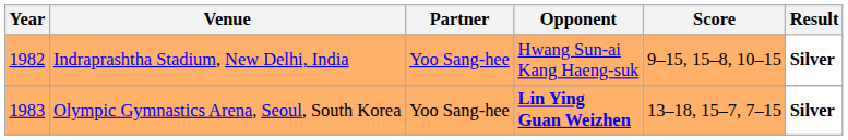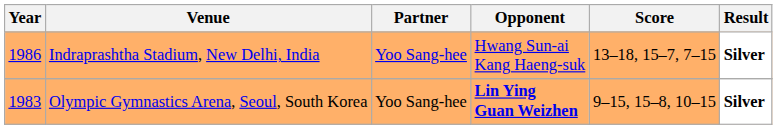 <table class="sortable wikitable" style="font-size: 90%;">
 <tr>
 <th>Year</th>
 <th>Venue</th>
 <th>Partner</th>
 <th>Opponent</th>
 <th>Score</th>
 <th>Result</th>
 </tr>
 <tr style="background:#FFB069">
-<td align="center"><a href='#'>1982</a></td>
+<td align="center"><a href='#'>1986</a></td>
 <td align="left"><a href='#'>Indraprashtha Stadium</a>, <a href='#'>New Delhi, India</a></td>
 <td align="left"> <a href='#'>Yoo Sang-hee</a></td>
 <td align="left"> <a href='#'>Hwang Sun-ai</a><br> <a href='#'>Kang Haeng-suk</a></td>
-<td align="left">9–15, 15–8, 10–15</td>
+<td align="left">13–18, 15–7, 7–15</td>
 <td style="text-align:left; background: white"> <strong>Silver</strong></td>
 </tr>
 <tr>
 </tr>
 <tr style="background:#FFB069">
 <td align="center"><a href='#'>1983</a></td>
 <td align="left"><a href='#'>Olympic Gymnastics Arena</a>, <a href='#'>Seoul</a>, South Korea</td>
 <td align="left"> Yoo Sang-hee</td>
 <td align="left"><strong> <a href='#'>Lin Ying</a><br> <a href='#'>Guan Weizhen</a></strong></td>
-<td align="left">13–18, 15–7, 7–15</td>
+<td align="left">9–15, 15–8, 10–15</td>
 <td style="text-align:left; background: white"> <strong>Silver</strong></td>
 </tr>
 </table>
